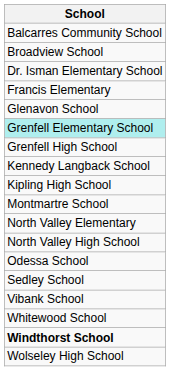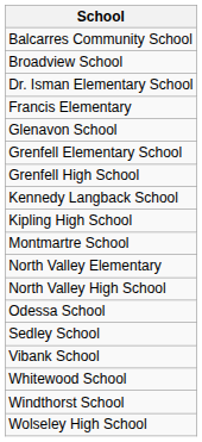 <table class="wikitable sortable">
 <tr>
 <th>School</th>
 </tr>
 <tr>
 <td>Balcarres Community School</td>
 </tr>
 <tr>
 <td>Broadview School</td>
 </tr>
 <tr>
 <td>Dr. Isman Elementary School</td>
 </tr>
 <tr>
 <td>Francis Elementary</td>
 </tr>
 <tr>
 <td>Glenavon School</td>
 </tr>
 <tr>
-<td style="background: paleturquoise;">Grenfell Elementary School</td>
+<td>Grenfell Elementary School</td>
 </tr>
 <tr>
 <td>Grenfell High School</td>
 </tr>
 <tr>
 <td>Kennedy Langback School</td>
 </tr>
 <tr>
 <td>Kipling High School</td>
 </tr>
 <tr>
 <td>Montmartre School</td>
 </tr>
 <tr>
 <td>North Valley Elementary</td>
 </tr>
 <tr>
 <td>North Valley High School</td>
 </tr>
 <tr>
 <td>Odessa School</td>
 </tr>
 <tr>
 <td>Sedley School</td>
 </tr>
 <tr>
 <td>Vibank School</td>
 </tr>
 <tr>
 <td>Whitewood School</td>
 </tr>
 <tr>
-<td><strong>Windthorst School</strong></td>
+<td>Windthorst School</td>
 </tr>
 <tr>
 <td>Wolseley High School</td>
 </tr>
 </table>
